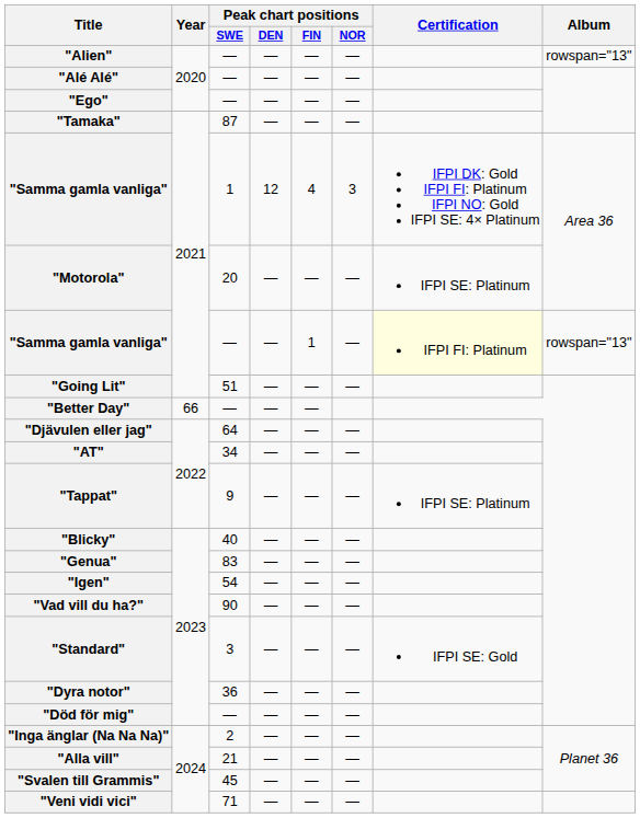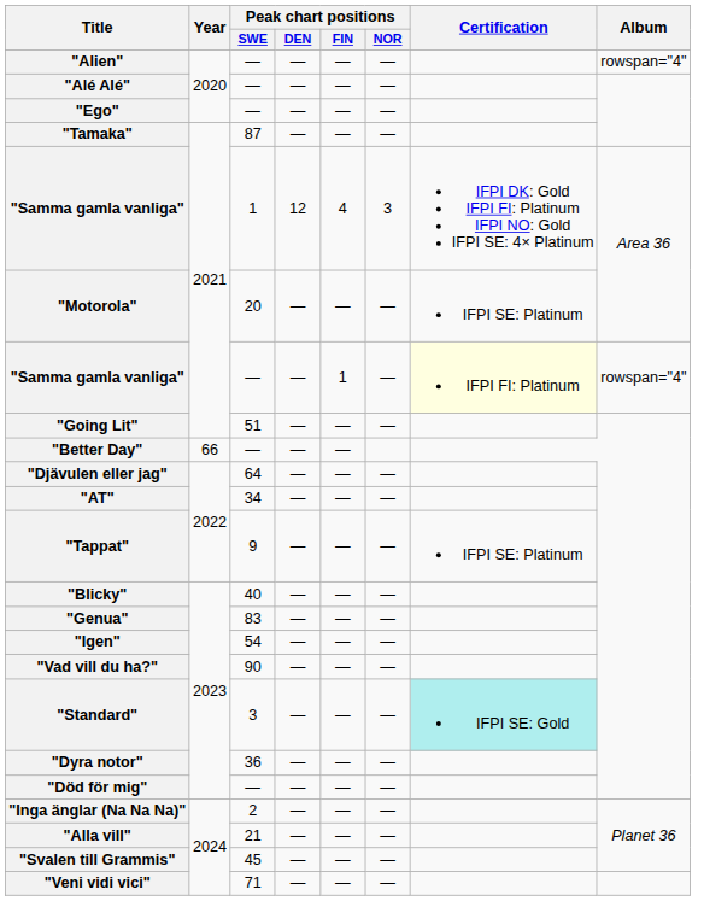 <table class="wikitable plainrowheaders" style="text-align:center;">
 <tr>
 <th scope="col" rowspan="2">Title</th>
 <th scope="col" rowspan="2">Year</th>
 <th scope="col" colspan="4">Peak chart positions</th>
 <th scope="col" rowspan="2"><a href='#'>Certification</a></th>
 <th scope="col" rowspan="2">Album</th>
 </tr>
 <tr>
 <th scope="col" style="width:3em;font-size:85%;"><a href='#'>SWE</a><br></th>
 <th scope="col" style="width:3em;font-size:85%;"><a href='#'>DEN</a><br></th>
 <th scope="col" style="width:3em;font-size:85%;"><a href='#'>FIN</a><br></th>
 <th scope="col" style="width:3em;font-size:85%;"><a href='#'>NOR</a><br></th>
 </tr>
 <tr>
 <th scope="row">"Alien"</th>
 <td rowspan="3">2020</td>
 <td>—</td>
 <td>—</td>
 <td>—</td>
 <td>—</td>
 <td></td>
-<td>rowspan="13"</td>
+<td>rowspan="4" </td>
 </tr>
 <tr>
 <th scope="row">"Alé Alé"</th>
 <td>—</td>
 <td>—</td>
 <td>—</td>
 <td>—</td>
 <td></td>
 </tr>
 <tr>
 <th scope="row">"Ego"</th>
 <td>—</td>
 <td>—</td>
 <td>—</td>
 <td>—</td>
 <td></td>
 </tr>
 <tr>
 <th scope="row">"Tamaka"</th>
 <td rowspan="5">2021</td>
 <td>87</td>
 <td>—</td>
 <td>—</td>
 <td>—</td>
 <td></td>
 </tr>
 <tr>
 <th scope="row">"Samma gamla vanliga"</th>
 <td>1</td>
 <td>12</td>
 <td>4</td>
 <td>3</td>
 <td><br><ul><li><a href='#'>IFPI DK</a>: Gold</li><li><a href='#'>IFPI FI</a>: Platinum</li><li><a href='#'>IFPI NO</a>: Gold</li><li>IFPI SE: 4× Platinum</li></ul></td>
 <td rowspan="2"><em>Area 36</em></td>
 </tr>
 <tr>
 <th scope="row">"Motorola"</th>
 <td>20</td>
 <td>—</td>
 <td>—</td>
 <td>—</td>
 <td><br><ul><li>IFPI SE: Platinum</li></ul></td>
 </tr>
 <tr>
 <th scope="row">"Samma gamla vanliga"<br></th>
 <td>—</td>
 <td>—</td>
 <td>1</td>
 <td>—</td>
 <td style="background: lightyellow;"><br><ul><li>IFPI FI: Platinum</li></ul></td>
-<td>rowspan="13"</td>
+<td>rowspan="4" </td>
 </tr>
 <tr>
 <th scope="row">"Going Lit"<br></th>
 <td>51</td>
 <td>—</td>
 <td>—</td>
 <td>—</td>
 <td></td>
 </tr>
 <tr>
 <th scope="row">"Better Day"<br></th>
 <td>66</td>
 <td>—</td>
 <td>—</td>
 <td>—</td>
 <td></td>
 </tr>
 <tr>
 <th scope="row">"Djävulen eller jag"<br></th>
 <td rowspan="3">2022</td>
 <td>64</td>
 <td>—</td>
 <td>—</td>
 <td>—</td>
 <td></td>
 </tr>
 <tr>
 <th scope="row">"AT"</th>
 <td>34</td>
 <td>—</td>
 <td>—</td>
 <td>—</td>
 <td></td>
 </tr>
 <tr>
 <th scope="row">"Tappat"</th>
 <td>9</td>
 <td>—</td>
 <td>—</td>
 <td>—</td>
 <td><br><ul><li>IFPI SE: Platinum</li></ul></td>
 </tr>
 <tr>
 <th scope="row">"Blicky"</th>
 <td rowspan="7">2023</td>
 <td>40</td>
 <td>—</td>
 <td>—</td>
 <td>—</td>
 <td></td>
 </tr>
 <tr>
 <th scope="row">"Genua"</th>
 <td>83</td>
 <td>—</td>
 <td>—</td>
 <td>—</td>
 <td></td>
 </tr>
 <tr>
 <th scope="row">"Igen"<br></th>
 <td>54</td>
 <td>—</td>
 <td>—</td>
 <td>—</td>
 <td></td>
 </tr>
 <tr>
 <th scope="row">"Vad vill du ha?"</th>
 <td>90</td>
 <td>—</td>
 <td>—</td>
 <td>—</td>
 <td></td>
 </tr>
 <tr>
 <th scope="row">"Standard"<br></th>
 <td>3</td>
 <td>—</td>
 <td>—</td>
 <td>—</td>
-<td><br><ul><li>IFPI SE: Gold</li></ul></td>
+<td style="background: paleturquoise;"><br><ul><li>IFPI SE: Gold</li></ul></td>
 </tr>
 <tr>
 <th scope="row">"Dyra notor"<br></th>
 <td>36</td>
 <td>—</td>
 <td>—</td>
 <td>—</td>
 <td></td>
 </tr>
 <tr>
 <th scope="row">"Död för mig"<br></th>
 <td>—</td>
 <td>—</td>
 <td>—</td>
 <td>—</td>
 <td></td>
 </tr>
 <tr>
 <th scope="row">"Inga änglar (Na Na Na)"</th>
 <td rowspan="4">2024</td>
 <td>2</td>
 <td>—</td>
 <td>—</td>
 <td>—</td>
 <td></td>
 <td rowspan="3"><em>Planet 36</em></td>
 </tr>
 <tr>
 <th scope="row">"Alla vill"<br></th>
 <td>21</td>
 <td>—</td>
 <td>—</td>
 <td>—</td>
 <td></td>
 </tr>
 <tr>
 <th scope="row">"Svalen till Grammis"</th>
 <td>45</td>
 <td>—</td>
 <td>—</td>
 <td>—</td>
 <td></td>
 </tr>
 <tr>
 <th scope="row">"Veni vidi vici"</th>
 <td>71<br></td>
 <td>—</td>
 <td>—</td>
 <td>—</td>
 <td></td>
 <td></td>
 </tr>
 </table>
